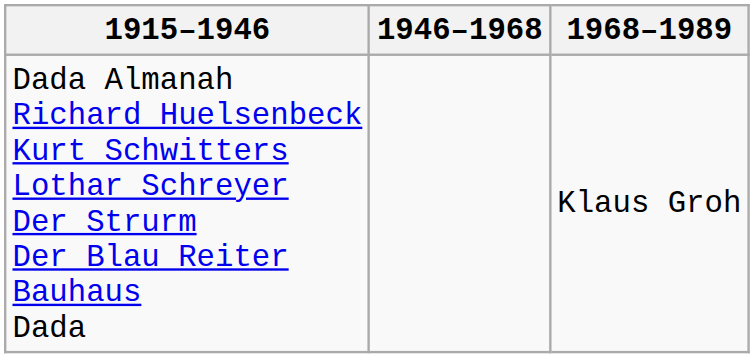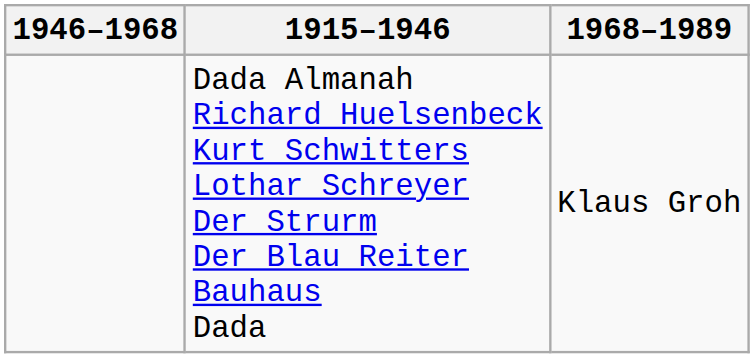 <table class="wikitable sortable">
 <tr>
+<th>1946–1968</th>
 <th>1915–1946</th>
-<th>1946–1968</th>
 <th>1968–1989</th>
 </tr>
 <tr>
+<td></td>
 <td>Dada Almanah<br><a href='#'>Richard Huelsenbeck</a><br><a href='#'>Kurt Schwitters</a><br><a href='#'>Lothar Schreyer</a><br><a href='#'>Der Strurm</a><br><a href='#'>Der Blau Reiter</a><br><a href='#'>Bauhaus</a><br>Dada</td>
-<td></td>
 <td>Klaus Groh</td>
 </tr>
 </table>
